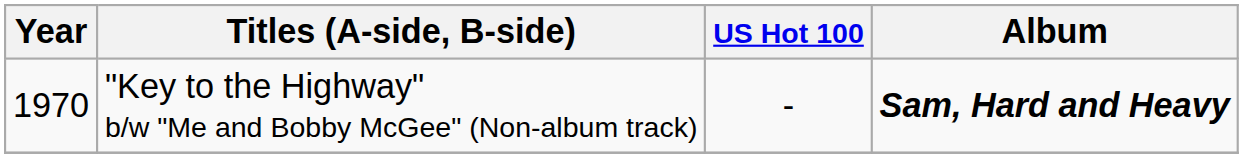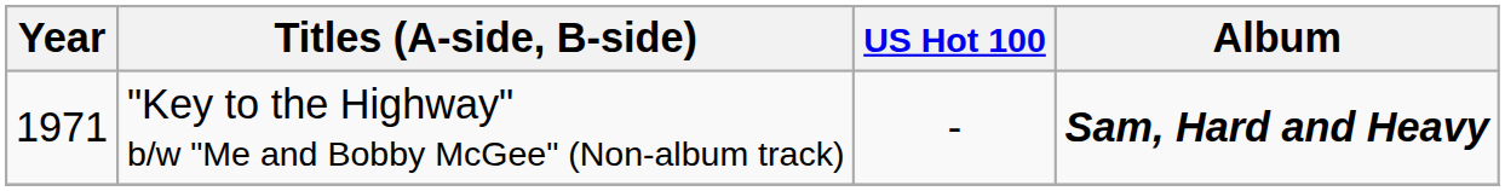 <table class="wikitable plainrowheaders" style="text-align:center;">
 <tr>
 <th rowspan="1">Year</th>
 <th rowspan="1">Titles (A-side, B-side)</th>
 <th rowspan="1"><small><a href='#'>US Hot 100</a></small></th>
 <th rowspan="1">Album</th>
 </tr>
 <tr>
-<td>1970</td>
+<td>1971</td>
 <td align="left">"Key to the Highway"<br><small>b/w "Me and Bobby McGee" (Non-album track)<br></small></td>
 <td align="center">-</td>
 <td align="left"><strong><em>Sam, Hard and Heavy</em></strong></td>
 </tr>
 <tr>
 </tr>
 </table>
